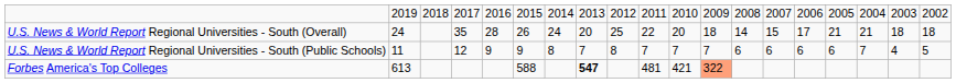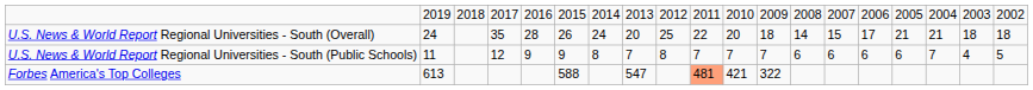 <table class="wikitable">
 <tr>
 <td></td>
 <td>2019</td>
 <td>2018</td>
 <td>2017</td>
 <td>2016</td>
 <td>2015</td>
 <td>2014</td>
 <td>2013</td>
 <td>2012</td>
 <td>2011</td>
 <td>2010</td>
 <td>2009</td>
 <td>2008</td>
 <td>2007</td>
 <td>2006</td>
 <td>2005</td>
 <td>2004</td>
 <td>2003</td>
 <td>2002</td>
 </tr>
 <tr>
 <td><em><a href='#'>U.S. News & World Report</a></em> Regional Universities - South (Overall)</td>
 <td>24</td>
 <td></td>
 <td>35</td>
 <td>28</td>
 <td>26</td>
 <td>24</td>
 <td>20</td>
 <td>25</td>
 <td>22</td>
 <td>20</td>
 <td>18</td>
 <td>14</td>
 <td>15</td>
 <td>17</td>
 <td>21</td>
 <td>21</td>
 <td>18</td>
 <td>18</td>
 </tr>
 <tr>
 <td><em><a href='#'>U.S. News & World Report</a></em> Regional Universities - South (Public Schools)</td>
 <td>11</td>
 <td></td>
 <td>12</td>
 <td>9</td>
 <td>9</td>
 <td>8</td>
 <td>7</td>
 <td>8</td>
 <td>7</td>
 <td>7</td>
 <td>7</td>
 <td>6</td>
 <td>6</td>
 <td>6</td>
 <td>6</td>
 <td>7</td>
 <td>4</td>
 <td>5</td>
 </tr>
 <tr>
 <td><em><a href='#'>Forbes</a></em> <a href='#'>America's Top Colleges</a></td>
 <td>613</td>
 <td></td>
 <td></td>
 <td></td>
 <td>588</td>
 <td></td>
-<td><strong>547</strong></td>
+<td>547</td>
 <td></td>
-<td>481</td>
+<td style="background: lightsalmon;">481</td>
 <td>421</td>
-<td style="background: lightsalmon;">322</td>
+<td>322</td>
 <td></td>
 <td></td>
 <td></td>
 <td></td>
 <td></td>
 <td></td>
 <td></td>
 </tr>
 </table>
